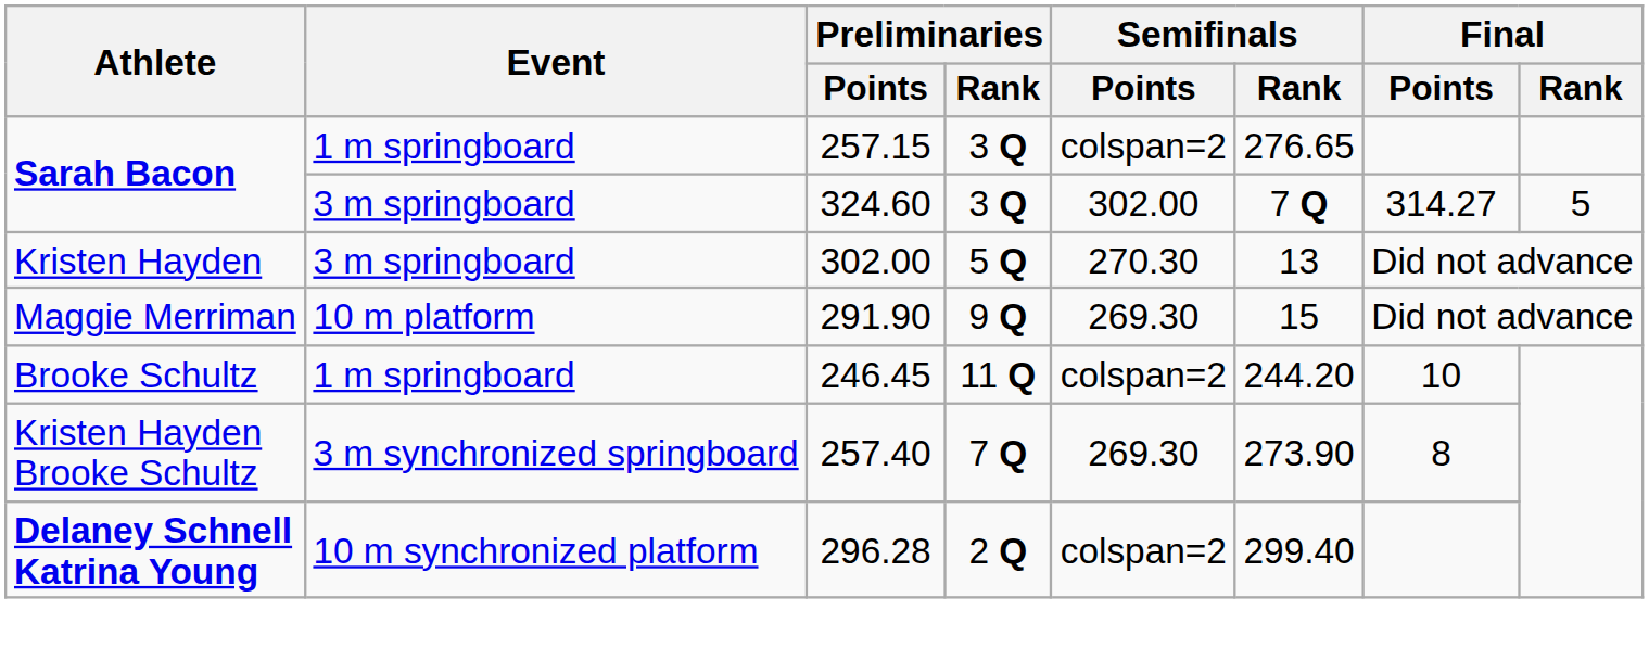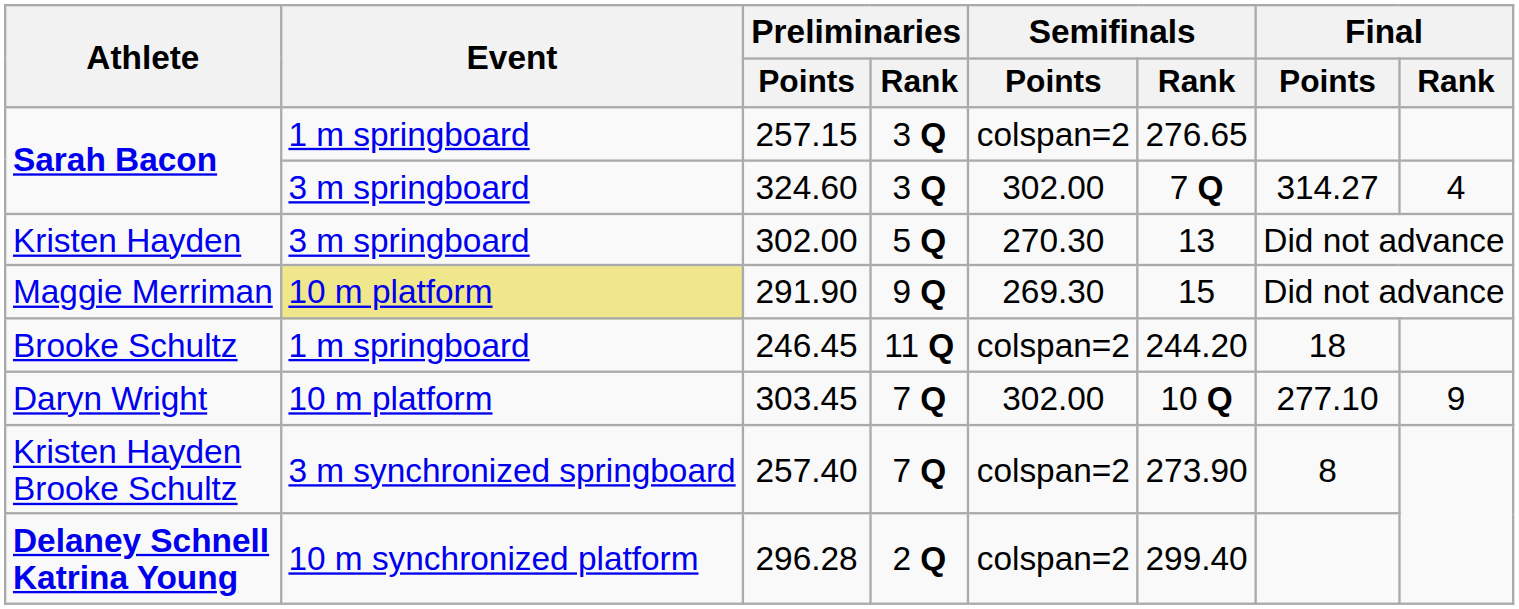 <table class="wikitable" style="font-size:90%">
 <tr>
 <th rowspan="2">Athlete</th>
 <th rowspan="2">Event</th>
 <th colspan="2">Preliminaries</th>
 <th colspan="2">Semifinals</th>
 <th colspan="2">Final</th>
 </tr>
 <tr style="font-size:95%">
 <th>Points</th>
 <th>Rank</th>
 <th>Points</th>
 <th>Rank</th>
 <th>Points</th>
 <th>Rank</th>
 </tr>
 <tr align="center">
 <td rowspan="2" align="left"><strong><a href='#'>Sarah Bacon</a></strong></td>
 <td align="left"><a href='#'>1 m springboard</a></td>
 <td>257.15</td>
 <td>3 <strong>Q</strong></td>
 <td>colspan=2 </td>
 <td>276.65</td>
 <td></td>
 </tr>
 <tr align="center">
 <td align="left"><a href='#'>3 m springboard</a></td>
 <td>324.60</td>
 <td>3 <strong>Q</strong></td>
 <td>302.00</td>
 <td>7 <strong>Q</strong></td>
 <td>314.27</td>
-<td>5</td>
+<td>4</td>
 </tr>
 <tr align="center">
 <td align="left"><a href='#'>Kristen Hayden</a></td>
 <td align="left"><a href='#'>3 m springboard</a></td>
 <td>302.00</td>
 <td>5 <strong>Q</strong></td>
 <td>270.30</td>
 <td>13</td>
 <td colspan="2">Did not advance</td>
 </tr>
 <tr align="center">
 <td align="left"><a href='#'>Maggie Merriman</a></td>
-<td align="left"><a href='#'>10 m platform</a></td>
+<td align="left" style="background: khaki;"><a href='#'>10 m platform</a></td>
 <td>291.90</td>
 <td>9 <strong>Q</strong></td>
 <td>269.30</td>
 <td>15</td>
 <td colspan="2">Did not advance</td>
 </tr>
 <tr align="center">
 <td align="left"><a href='#'>Brooke Schultz</a></td>
 <td align="left"><a href='#'>1 m springboard</a></td>
 <td>246.45</td>
 <td>11 <strong>Q</strong></td>
 <td>colspan=2 </td>
 <td>244.20</td>
-<td>10</td>
+<td>18</td>
+</tr>
+<tr align="center">
+<td align="left"><a href='#'>Daryn Wright</a></td>
+<td align="left"><a href='#'>10 m platform</a></td>
+<td>303.45</td>
+<td>7 <strong>Q</strong></td>
+<td>302.00</td>
+<td>10 <strong>Q</strong></td>
+<td>277.10</td>
+<td>9</td>
 </tr>
 <tr align="center">
 <td align="left"><a href='#'>Kristen Hayden</a><br><a href='#'>Brooke Schultz</a></td>
 <td align="left"><a href='#'>3 m synchronized springboard</a></td>
 <td>257.40</td>
 <td>7 <strong>Q</strong></td>
-<td>269.30</td>
+<td>colspan=2 </td>
 <td>273.90</td>
 <td>8</td>
 </tr>
 <tr align="center">
 <td align="left"><strong><a href='#'>Delaney Schnell</a><br><a href='#'>Katrina Young</a></strong></td>
 <td align="left"><a href='#'>10 m synchronized platform</a></td>
 <td>296.28</td>
 <td>2 <strong>Q</strong></td>
 <td>colspan=2 </td>
 <td>299.40</td>
 <td></td>
 </tr>
 </table>
